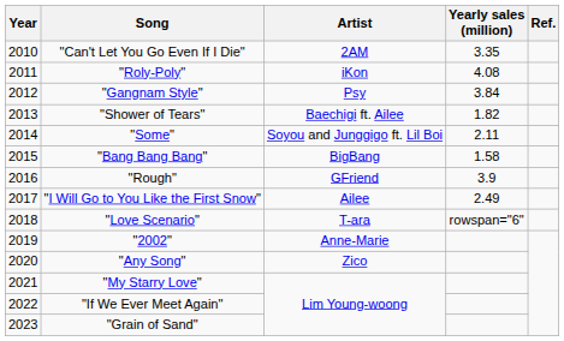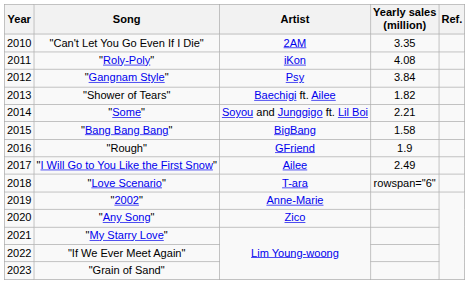 <table class="wikitable plainrowheaders sortable" style="text-align:center;">
 <tr>
 <th>Year</th>
 <th>Song</th>
 <th>Artist</th>
 <th>Yearly sales<br>(million)</th>
 <th>Ref.</th>
 </tr>
 <tr>
 <td>2010</td>
 <td>"Can't Let You Go Even If I Die"</td>
 <td><a href='#'>2AM</a></td>
 <td>3.35</td>
 <td></td>
 </tr>
 <tr>
 <td>2011</td>
 <td>"<a href='#'>Roly-Poly</a>"</td>
 <td><a href='#'>iKon</a></td>
 <td>4.08</td>
 <td></td>
 </tr>
 <tr>
 <td>2012</td>
 <td>"<a href='#'>Gangnam Style</a>"</td>
 <td><a href='#'>Psy</a></td>
 <td>3.84</td>
 <td></td>
 </tr>
 <tr>
 <td>2013</td>
 <td>"Shower of Tears"</td>
 <td><a href='#'>Baechigi</a> ft. <a href='#'>Ailee</a></td>
 <td>1.82</td>
 <td></td>
 </tr>
 <tr>
 <td>2014</td>
 <td>"<a href='#'>Some</a>"</td>
 <td><a href='#'>Soyou</a> and <a href='#'>Junggigo</a> ft. <a href='#'>Lil Boi</a></td>
-<td>2.11</td>
+<td>2.21</td>
 <td></td>
 </tr>
 <tr>
 <td>2015</td>
 <td>"<a href='#'>Bang Bang Bang</a>"</td>
 <td><a href='#'>BigBang</a></td>
 <td>1.58</td>
 <td></td>
 </tr>
 <tr>
 <td>2016</td>
 <td>"Rough"</td>
 <td><a href='#'>GFriend</a></td>
-<td>3.9</td>
+<td>1.9</td>
 <td></td>
 </tr>
 <tr>
 <td>2017</td>
 <td>"<a href='#'>I Will Go to You Like the First Snow</a>"</td>
 <td><a href='#'>Ailee</a></td>
 <td>2.49</td>
 <td></td>
 </tr>
 <tr>
 <td>2018</td>
 <td>"<a href='#'>Love Scenario</a>"</td>
 <td><a href='#'>T-ara</a></td>
 <td>rowspan="6" </td>
 <td></td>
 </tr>
 <tr>
 <td>2019</td>
 <td>"<a href='#'>2002</a>"</td>
 <td><a href='#'>Anne-Marie</a></td>
 <td></td>
 </tr>
 <tr>
 <td>2020</td>
 <td>"<a href='#'>Any Song</a>"</td>
 <td><a href='#'>Zico</a></td>
 <td></td>
 </tr>
 <tr>
 <td>2021</td>
 <td>"<a href='#'>My Starry Love</a>"</td>
 <td rowspan="3"><a href='#'>Lim Young-woong</a></td>
 <td></td>
 </tr>
 <tr>
 <td>2022</td>
 <td>"If We Ever Meet Again"</td>
 <td></td>
 </tr>
 <tr>
 <td>2023</td>
 <td>"Grain of Sand"</td>
 <td></td>
 </tr>
 </table>
